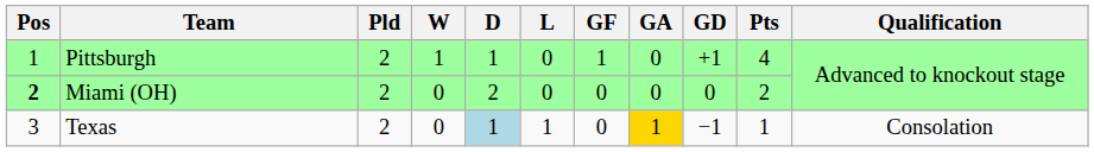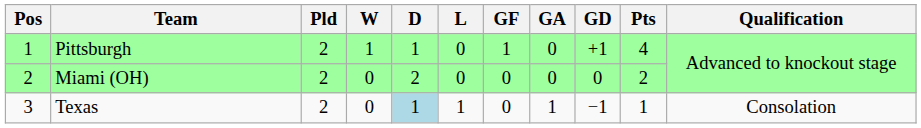 <table class="wikitable" style="text-align:center; margin: 1em auto">
 <tr>
 <th style="width:2em">Pos</th>
 <th style="width:13em">Team</th>
 <th style="width:2em">Pld</th>
 <th style="width:2em">W</th>
 <th style="width:2em">D</th>
 <th style="width:2em">L</th>
 <th style="width:2em">GF</th>
 <th style="width:2em">GA</th>
 <th style="width:2em">GD</th>
 <th style="width:2em">Pts</th>
 <th style="width:13em">Qualification</th>
 </tr>
 <tr bgcolor="#9eff9e">
 <td>1</td>
 <td style="text-align:left">Pittsburgh</td>
 <td>2</td>
 <td>1</td>
 <td>1</td>
 <td>0</td>
 <td>1</td>
 <td>0</td>
 <td>+1</td>
 <td>4</td>
 <td rowspan="2">Advanced to knockout stage</td>
 </tr>
 <tr bgcolor="#9eff9e">
-<td><strong>2</strong></td>
+<td>2</td>
 <td style="text-align:left">Miami (OH)</td>
 <td>2</td>
 <td>0</td>
 <td>2</td>
 <td>0</td>
 <td>0</td>
 <td>0</td>
 <td>0</td>
 <td>2</td>
 </tr>
 <tr>
 <td>3</td>
 <td style="text-align:left">Texas</td>
 <td>2</td>
 <td>0</td>
 <td style="background: lightblue;">1</td>
 <td>1</td>
 <td>0</td>
-<td style="background: gold;">1</td>
+<td>1</td>
 <td>−1</td>
 <td>1</td>
 <td>Consolation</td>
 </tr>
 </table>
